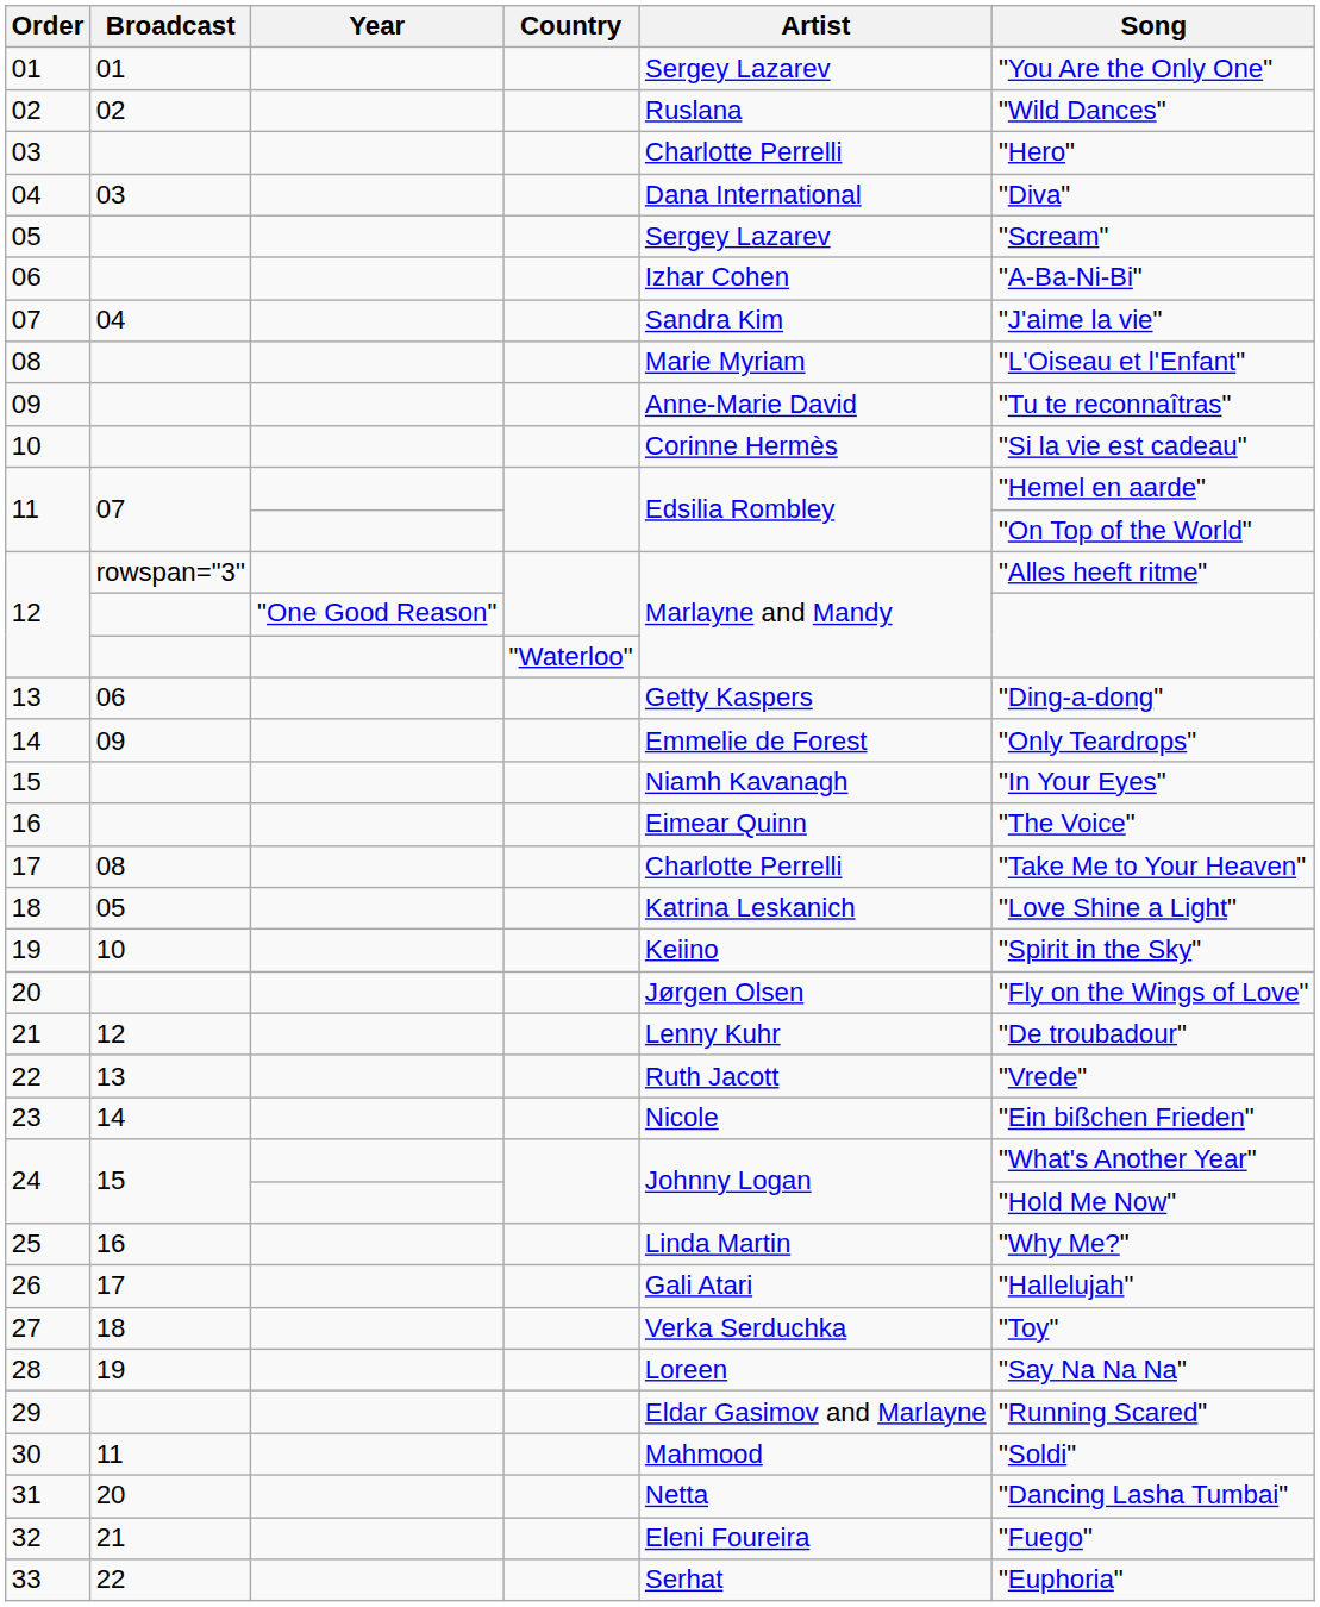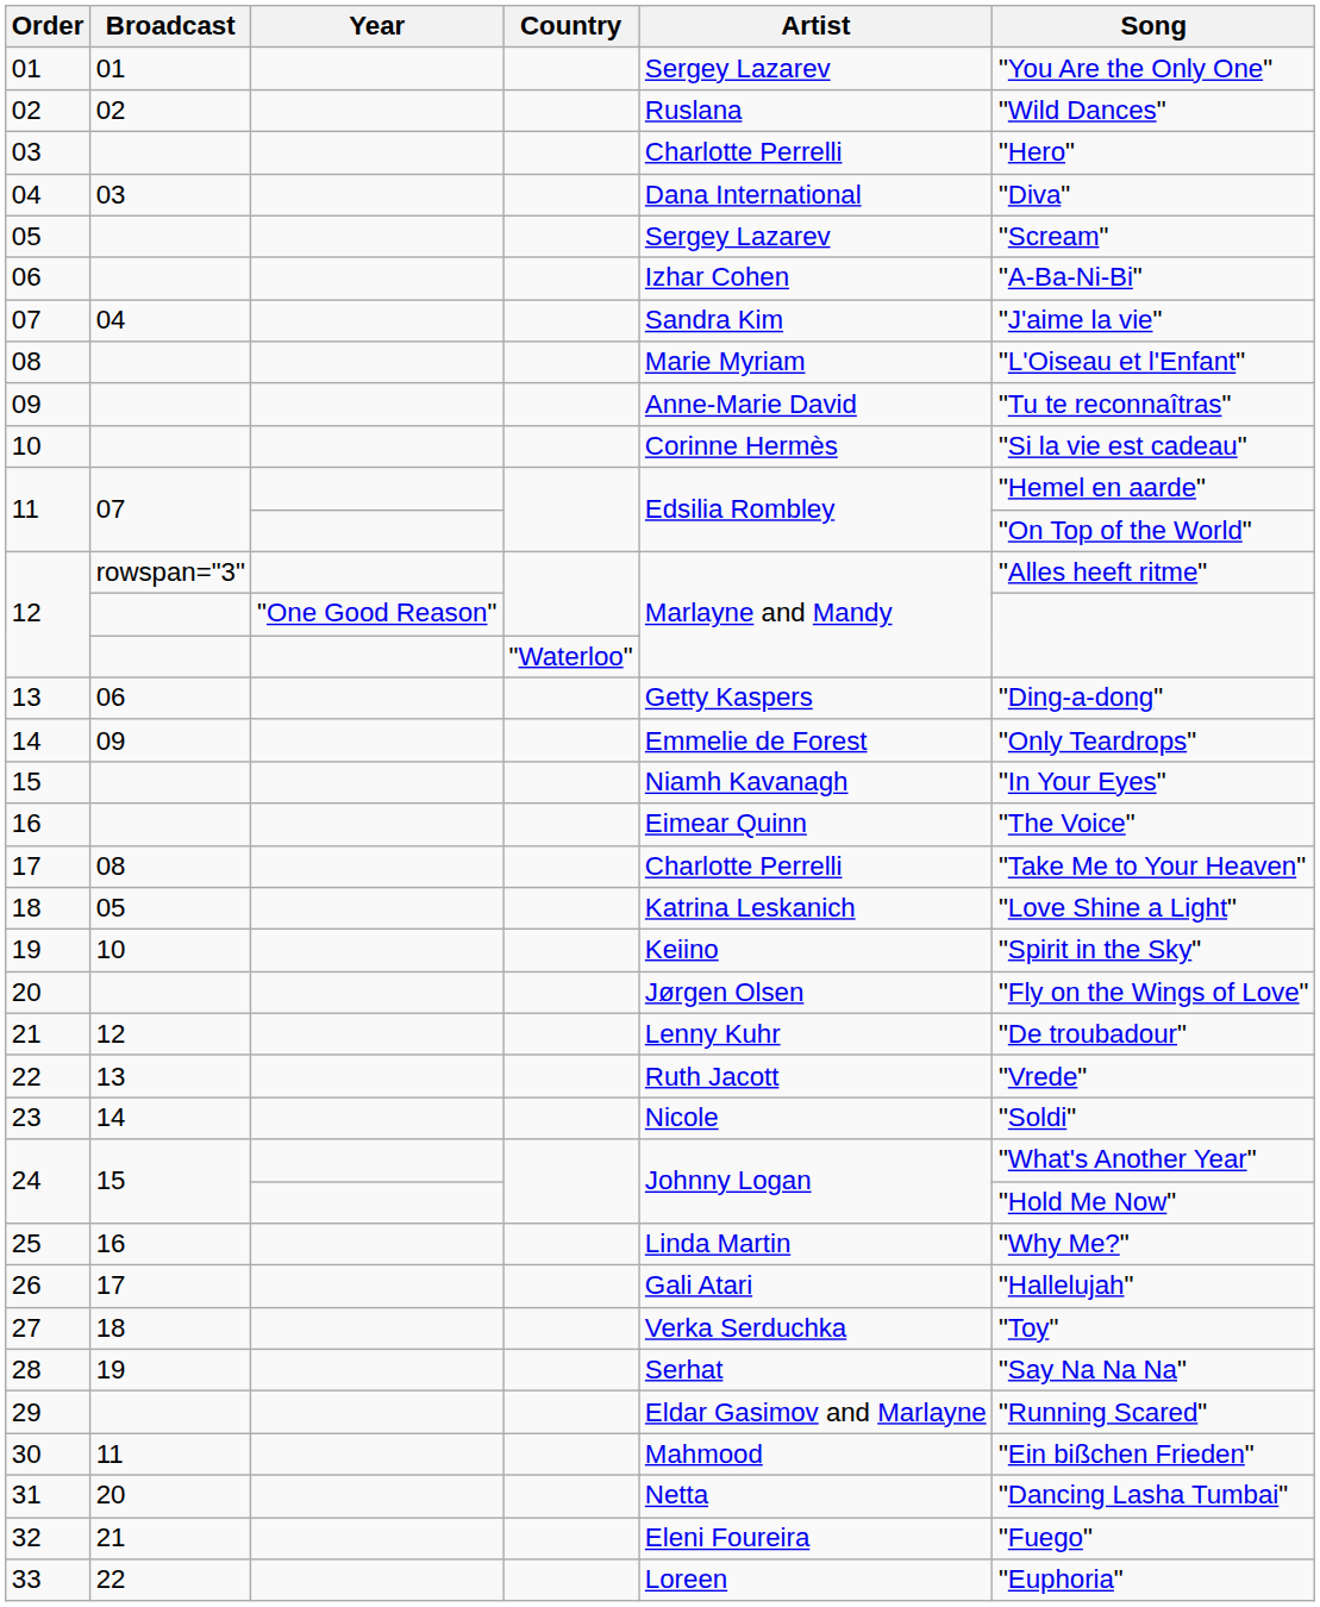 <table class="wikitable sortable">
 <tr>
 <th>Order</th>
 <th>Broadcast</th>
 <th>Year</th>
 <th>Country</th>
 <th>Artist</th>
 <th>Song</th>
 </tr>
 <tr>
 <td>01</td>
 <td>01</td>
 <td></td>
 <td></td>
 <td><a href='#'>Sergey Lazarev</a></td>
 <td>"<a href='#'>You Are the Only One</a>"</td>
 </tr>
 <tr>
 <td>02</td>
 <td>02</td>
 <td></td>
 <td></td>
 <td><a href='#'>Ruslana</a></td>
 <td>"<a href='#'>Wild Dances</a>"</td>
 </tr>
 <tr>
 <td>03</td>
 <td></td>
 <td></td>
 <td></td>
 <td><a href='#'>Charlotte Perrelli</a></td>
 <td>"<a href='#'>Hero</a>"</td>
 </tr>
 <tr>
 <td>04</td>
 <td>03</td>
 <td></td>
 <td></td>
 <td><a href='#'>Dana International</a></td>
 <td>"<a href='#'>Diva</a>"</td>
 </tr>
 <tr>
 <td>05</td>
 <td></td>
 <td></td>
 <td></td>
 <td><a href='#'>Sergey Lazarev</a></td>
 <td>"<a href='#'>Scream</a>"</td>
 </tr>
 <tr>
 <td>06</td>
 <td></td>
 <td></td>
 <td></td>
 <td><a href='#'>Izhar Cohen</a></td>
 <td>"<a href='#'>A-Ba-Ni-Bi</a>"</td>
 </tr>
 <tr>
 <td>07</td>
 <td>04</td>
 <td></td>
 <td></td>
 <td><a href='#'>Sandra Kim</a></td>
 <td>"<a href='#'>J'aime la vie</a>"</td>
 </tr>
 <tr>
 <td>08</td>
 <td></td>
 <td></td>
 <td></td>
 <td><a href='#'>Marie Myriam</a></td>
 <td>"<a href='#'>L'Oiseau et l'Enfant</a>"</td>
 </tr>
 <tr>
 <td>09</td>
 <td></td>
 <td></td>
 <td></td>
 <td><a href='#'>Anne-Marie David</a></td>
 <td>"<a href='#'>Tu te reconnaîtras</a>"</td>
 </tr>
 <tr>
 <td>10</td>
 <td></td>
 <td></td>
 <td></td>
 <td><a href='#'>Corinne Hermès</a></td>
 <td>"<a href='#'>Si la vie est cadeau</a>"</td>
 </tr>
 <tr>
 <td rowspan="2">11</td>
 <td rowspan="2">07</td>
 <td></td>
 <td rowspan="2"></td>
 <td rowspan="2"><a href='#'>Edsilia Rombley</a></td>
 <td>"<a href='#'>Hemel en aarde</a>"</td>
 </tr>
 <tr>
 <td></td>
 <td>"<a href='#'>On Top of the World</a>"</td>
 </tr>
 <tr>
 <td rowspan="3">12</td>
 <td>rowspan="3" </td>
 <td></td>
 <td rowspan="2"></td>
 <td rowspan="3"><a href='#'>Marlayne</a> and <a href='#'>Mandy</a></td>
 <td>"<a href='#'>Alles heeft ritme</a>"</td>
 </tr>
 <tr>
 <td></td>
 <td>"<a href='#'>One Good Reason</a>"</td>
 </tr>
 <tr>
 <td></td>
 <td></td>
 <td>"<a href='#'>Waterloo</a>"</td>
 </tr>
 <tr>
 <td>13</td>
 <td>06</td>
 <td></td>
 <td></td>
 <td><a href='#'>Getty Kaspers</a></td>
 <td>"<a href='#'>Ding-a-dong</a>"</td>
 </tr>
 <tr>
 <td>14</td>
 <td>09</td>
 <td></td>
 <td></td>
 <td><a href='#'>Emmelie de Forest</a></td>
 <td>"<a href='#'>Only Teardrops</a>"</td>
 </tr>
 <tr>
 <td>15</td>
 <td></td>
 <td></td>
 <td></td>
 <td><a href='#'>Niamh Kavanagh</a></td>
 <td>"<a href='#'>In Your Eyes</a>"</td>
 </tr>
 <tr>
 <td>16</td>
 <td></td>
 <td></td>
 <td></td>
 <td><a href='#'>Eimear Quinn</a></td>
 <td>"<a href='#'>The Voice</a>"</td>
 </tr>
 <tr>
 <td>17</td>
 <td>08</td>
 <td></td>
 <td></td>
 <td><a href='#'>Charlotte Perrelli</a></td>
 <td>"<a href='#'>Take Me to Your Heaven</a>"</td>
 </tr>
 <tr>
 <td>18</td>
 <td>05</td>
 <td></td>
 <td></td>
 <td><a href='#'>Katrina Leskanich</a></td>
 <td>"<a href='#'>Love Shine a Light</a>"</td>
 </tr>
 <tr>
 <td>19</td>
 <td>10</td>
 <td></td>
 <td></td>
 <td><a href='#'>Keiino</a></td>
 <td>"<a href='#'>Spirit in the Sky</a>"</td>
 </tr>
 <tr>
 <td>20</td>
 <td></td>
 <td></td>
 <td></td>
 <td><a href='#'>Jørgen Olsen</a></td>
 <td>"<a href='#'>Fly on the Wings of Love</a>"</td>
 </tr>
 <tr>
 <td>21</td>
 <td>12</td>
 <td></td>
 <td></td>
 <td><a href='#'>Lenny Kuhr</a></td>
 <td>"<a href='#'>De troubadour</a>"</td>
 </tr>
 <tr>
 <td>22</td>
 <td>13</td>
 <td></td>
 <td></td>
 <td><a href='#'>Ruth Jacott</a></td>
 <td>"<a href='#'>Vrede</a>"</td>
 </tr>
 <tr>
 <td>23</td>
 <td>14</td>
 <td></td>
 <td></td>
 <td><a href='#'>Nicole</a></td>
-<td>"<a href='#'>Ein bißchen Frieden</a>"</td>
+<td>"<a href='#'>Soldi</a>"</td>
 </tr>
 <tr>
 <td rowspan="2">24</td>
 <td rowspan="2">15</td>
 <td></td>
 <td rowspan="2"></td>
 <td rowspan="2"><a href='#'>Johnny Logan</a></td>
 <td>"<a href='#'>What's Another Year</a>"</td>
 </tr>
 <tr>
 <td></td>
 <td>"<a href='#'>Hold Me Now</a>"</td>
 </tr>
 <tr>
 <td>25</td>
 <td>16</td>
 <td></td>
 <td></td>
 <td><a href='#'>Linda Martin</a></td>
 <td>"<a href='#'>Why Me?</a>"</td>
 </tr>
 <tr>
 <td>26</td>
 <td>17</td>
 <td></td>
 <td></td>
 <td><a href='#'>Gali Atari</a></td>
 <td>"<a href='#'>Hallelujah</a>"</td>
 </tr>
 <tr>
 <td>27</td>
 <td>18</td>
 <td></td>
 <td></td>
 <td><a href='#'>Verka Serduchka</a></td>
 <td>"<a href='#'>Toy</a>"</td>
 </tr>
 <tr>
 <td>28</td>
 <td>19</td>
 <td></td>
 <td></td>
-<td><a href='#'>Loreen</a></td>
+<td><a href='#'>Serhat</a></td>
 <td>"<a href='#'>Say Na Na Na</a>"</td>
 </tr>
 <tr>
 <td>29</td>
 <td></td>
 <td></td>
 <td></td>
 <td><a href='#'>Eldar Gasimov</a> and <a href='#'>Marlayne</a></td>
 <td>"<a href='#'>Running Scared</a>"</td>
 </tr>
 <tr>
 <td>30</td>
 <td>11</td>
 <td></td>
 <td></td>
 <td><a href='#'>Mahmood</a></td>
-<td>"<a href='#'>Soldi</a>"</td>
+<td>"<a href='#'>Ein bißchen Frieden</a>"</td>
 </tr>
 <tr>
 <td>31</td>
 <td>20</td>
 <td></td>
 <td></td>
 <td><a href='#'>Netta</a></td>
 <td>"<a href='#'>Dancing Lasha Tumbai</a>"</td>
 </tr>
 <tr>
 <td>32</td>
 <td>21</td>
 <td></td>
 <td></td>
 <td><a href='#'>Eleni Foureira</a></td>
 <td>"<a href='#'>Fuego</a>"</td>
 </tr>
 <tr>
 <td>33</td>
 <td>22</td>
 <td></td>
 <td></td>
-<td><a href='#'>Serhat</a></td>
+<td><a href='#'>Loreen</a></td>
 <td>"<a href='#'>Euphoria</a>"</td>
 </tr>
 </table>
